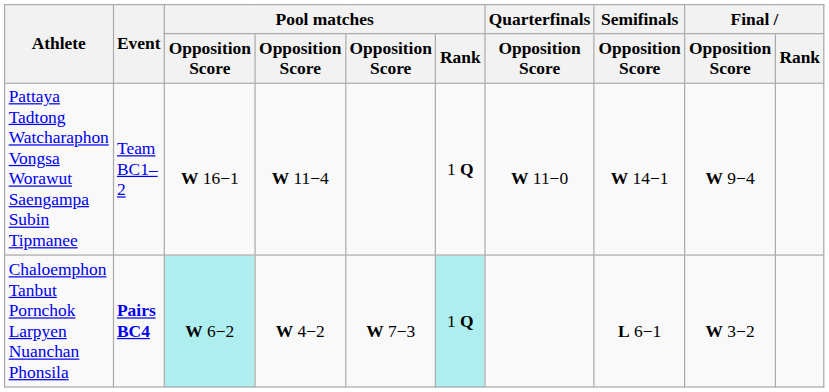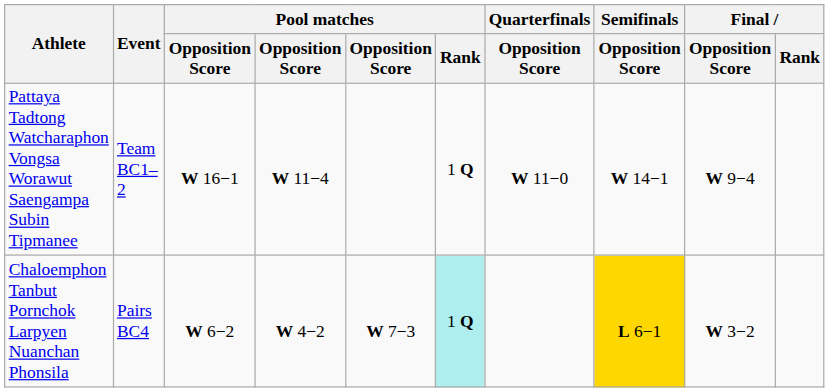 <table class=wikitable style="font-size:90%">
 <tr>
 <th rowspan="2">Athlete</th>
 <th rowspan="2">Event</th>
 <th colspan="4">Pool matches</th>
 <th>Quarterfinals</th>
 <th>Semifinals</th>
 <th colspan=2>Final / </th>
 </tr>
 <tr>
 <th>Opposition<br>Score</th>
 <th>Opposition<br>Score</th>
 <th>Opposition<br>Score</th>
 <th>Rank</th>
 <th>Opposition<br>Score</th>
 <th>Opposition<br>Score</th>
 <th>Opposition<br>Score</th>
 <th>Rank</th>
 </tr>
 <tr align=center>
 <td align=left><a href='#'>Pattaya Tadtong</a> <br> <a href='#'>Watcharaphon Vongsa</a> <br> <a href='#'>Worawut Saengampa</a> <br> <a href='#'>Subin Tipmanee</a></td>
 <td align=left><a href='#'>Team BC1–2</a></td>
 <td><br><strong>W</strong> 16−1</td>
 <td><br><strong>W</strong> 11−4</td>
 <td></td>
 <td>1 <strong>Q</strong></td>
 <td><br><strong>W</strong> 11−0</td>
 <td><br><strong>W</strong> 14−1</td>
 <td><br><strong>W</strong> 9−4</td>
 <td></td>
 </tr>
 <tr align=center>
 <td align=left><a href='#'>Chaloemphon Tanbut</a> <br> <a href='#'>Pornchok Larpyen</a> <br> <a href='#'>Nuanchan Phonsila</a></td>
-<td align=left><strong><a href='#'>Pairs BC4</a></strong></td>
-<td style="background: paleturquoise;"><br><strong>W</strong> 6−2</td>
+<td align=left><a href='#'>Pairs BC4</a></td>
+<td><br><strong>W</strong> 6−2</td>
 <td><br><strong>W</strong> 4−2</td>
 <td><br><strong>W</strong> 7−3</td>
 <td style="background: paleturquoise;">1 <strong>Q</strong></td>
 <td></td>
-<td><br><strong>L</strong> 6−1</td>
+<td style="background: gold;"><br><strong>L</strong> 6−1</td>
 <td><br><strong>W</strong> 3−2</td>
 <td></td>
 </tr>
 </table>
